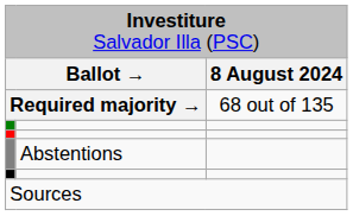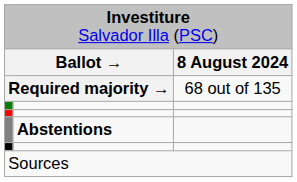 <table class="wikitable" style="text-align:center;">
 <tr>
 <td colspan="4" align="center" bgcolor="#C0C0C0"><strong>Investiture</strong><br><a href='#'>Salvador Illa</a> (<a href='#'>PSC</a>)</td>
 </tr>
 <tr>
 <th colspan="2" width="150px">Ballot →</th>
 <th>8 August 2024</th>
 </tr>
 <tr>
 <th colspan="2">Required majority →</th>
 <td>68 out of 135 </td>
 </tr>
 <tr>
 <th width="1px" style="background:green;"></th>
 <td align="left"></td>
 <td></td>
 </tr>
 <tr>
 <th style="color:inherit;background:red;"></th>
 <td align="left"></td>
 <td></td>
 </tr>
 <tr>
 <th style="color:inherit;background:gray;"></th>
-<td align="left"><span>Abstentions</span></td>
+<td align="left"><strong><span>Abstentions</span></strong></td>
 <td></td>
 </tr>
 <tr>
 <th style="color:inherit;background:black;"></th>
 <td align="left"></td>
 <td></td>
 </tr>
 <tr>
 <td align="left" colspan="4">Sources</td>
 </tr>
 </table>
